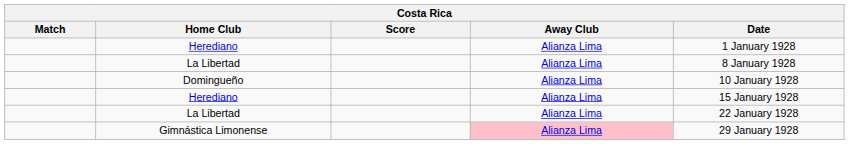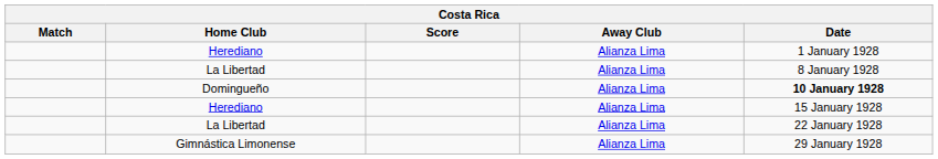 <table class="wikitable collapsible collapsed" style="font-size:95%; text-align: center; width: 95%; margin:0 auto 0.5em auto;">
 <tr>
 <th colspan="9" align="center" style="with: 100%;">Costa Rica</th>
 </tr>
 <tr>
 <th width="50">Match</th>
 <th width="140">Home Club</th>
 <th width="80">Score</th>
 <th width="120">Away Club</th>
 <th width="100">Date</th>
 </tr>
 <tr>
 <td></td>
 <td><a href='#'>Herediano</a></td>
 <td></td>
 <td><a href='#'>Alianza Lima</a></td>
 <td>1 January 1928</td>
 </tr>
 <tr>
 <td></td>
 <td>La Libertad</td>
 <td></td>
 <td><a href='#'>Alianza Lima</a></td>
 <td>8 January 1928</td>
 </tr>
 <tr>
 <td></td>
 <td>Domingueño</td>
 <td></td>
 <td><a href='#'>Alianza Lima</a></td>
-<td>10 January 1928</td>
+<td><strong>10 January 1928</strong></td>
 </tr>
 <tr>
 <td></td>
 <td><a href='#'>Herediano</a></td>
 <td></td>
 <td><a href='#'>Alianza Lima</a></td>
 <td>15 January 1928</td>
 </tr>
 <tr>
 <td></td>
 <td>La Libertad</td>
 <td></td>
 <td><a href='#'>Alianza Lima</a></td>
 <td>22 January 1928</td>
 </tr>
 <tr>
 <td></td>
 <td>Gimnástica Limonense</td>
 <td></td>
-<td style="background: pink;"><a href='#'>Alianza Lima</a></td>
+<td><a href='#'>Alianza Lima</a></td>
 <td>29 January 1928</td>
 </tr>
 </table>
